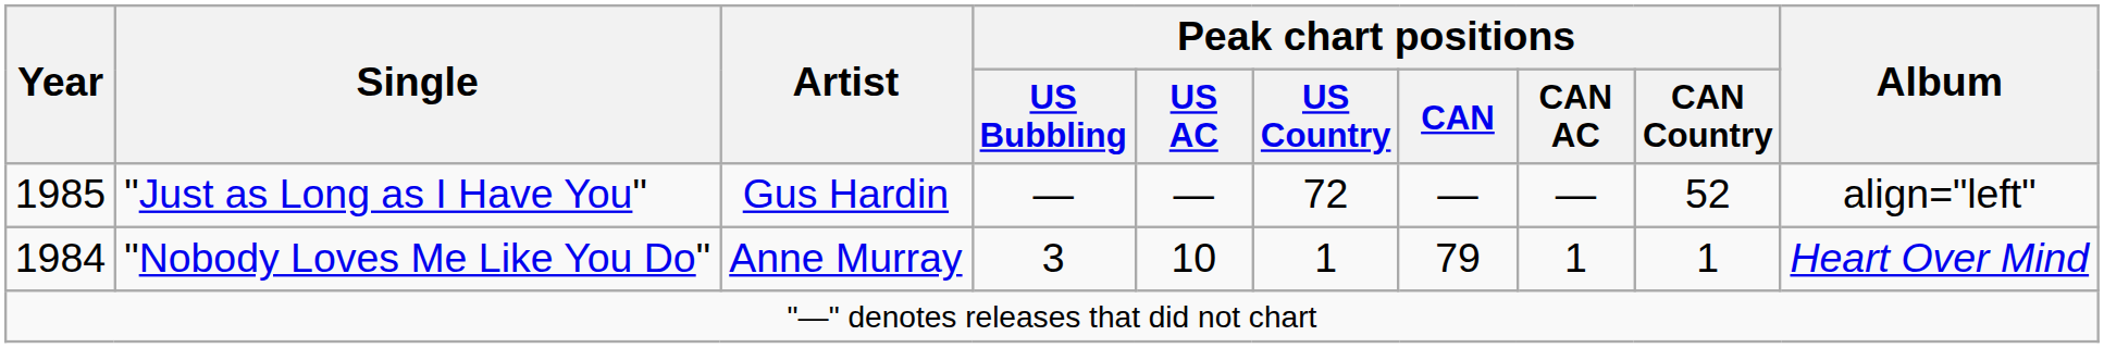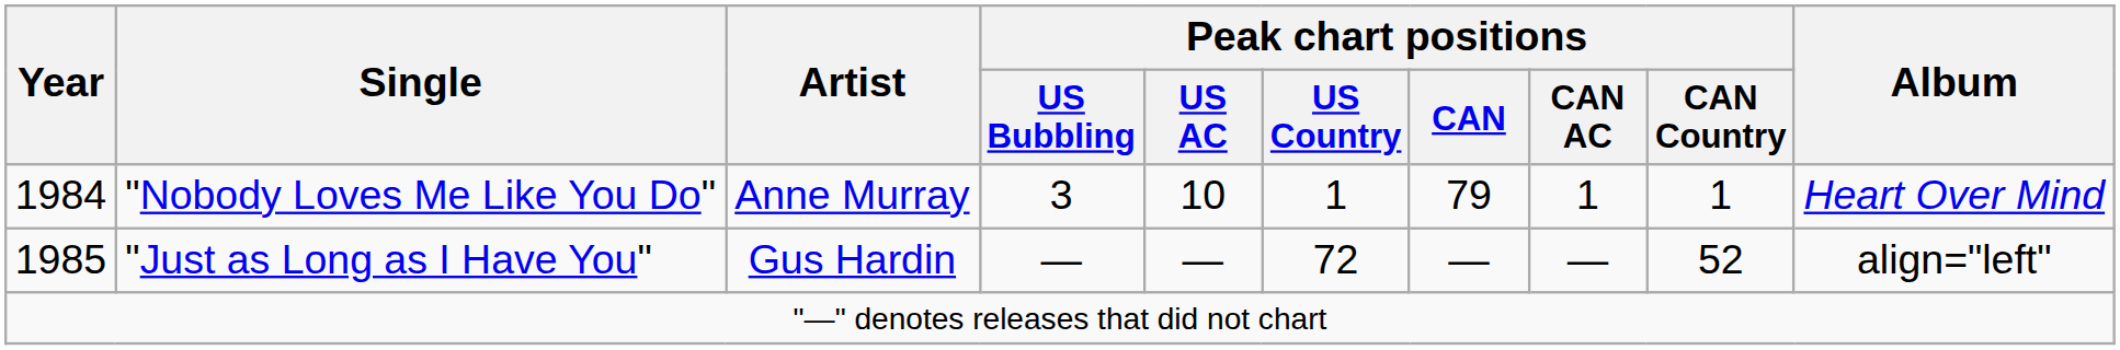 <table class="wikitable" style="text-align:center;">
 <tr>
 <th rowspan="2">Year</th>
 <th rowspan="2">Single</th>
 <th rowspan="2">Artist</th>
 <th colspan="6">Peak chart positions</th>
 <th rowspan="2">Album</th>
 </tr>
 <tr style="font-size:smaller;">
 <th width="40"><a href='#'>US Bubbling</a></th>
 <th width="40"><a href='#'>US AC</a></th>
 <th width="40"><a href='#'>US Country</a></th>
 <th width="40"><a href='#'>CAN</a></th>
 <th width="40">CAN AC</th>
 <th width="40">CAN Country</th>
 </tr>
 <tr>
+<td>1984</td>
+<td align="left">"<a href='#'>Nobody Loves Me Like You Do</a>"</td>
+<td><a href='#'>Anne Murray</a></td>
+<td>3</td>
+<td>10</td>
+<td>1</td>
+<td>79</td>
+<td>1</td>
+<td>1</td>
+<td align="left"><em><a href='#'>Heart Over Mind</a></em></td>
+</tr>
+<tr>
 <td>1985</td>
 <td align="left">"<a href='#'>Just as Long as I Have You</a>"</td>
 <td><a href='#'>Gus Hardin</a></td>
 <td>—</td>
 <td>—</td>
 <td>72</td>
 <td>—</td>
 <td>—</td>
 <td>52</td>
 <td>align="left" </td>
 </tr>
 <tr>
-<td>1984</td>
-<td align="left">"<a href='#'>Nobody Loves Me Like You Do</a>"</td>
-<td><a href='#'>Anne Murray</a></td>
-<td>3</td>
-<td>10</td>
-<td>1</td>
-<td>79</td>
-<td>1</td>
-<td>1</td>
-<td align="left"><em><a href='#'>Heart Over Mind</a></em></td>
-</tr>
-<tr>
 <td colspan="10" style="font-size:9pt">"—" denotes releases that did not chart</td>
 </tr>
 </table>
